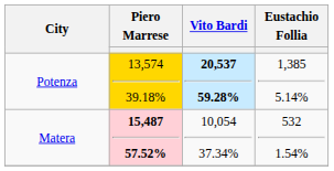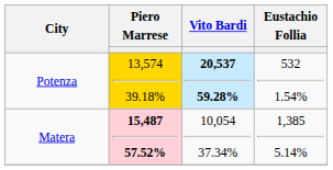 <table class="wikitable" style="text-align:center;font-size:90%;line-height:20px">
 <tr style="height:30px; background-color:#E9E9E9">
 <th style="width:110px;" rowspan="2">City</th>
 <th style="width:75px;">Piero Marrese</th>
 <th style="width:75px;"><a href='#'>Vito Bardi</a></th>
 <th style="width:75px;">Eustachio Follia</th>
 </tr>
 <tr>
 <th style="background:"></th>
 <th style="background:"></th>
 <th style="background:"></th>
 </tr>
 <tr>
 <td><a href='#'>Potenza</a></td>
 <td style="background: gold;">13,574 <hr>39.18%</td>
 <td style="background:#C8EBFF"><strong>20,537 <hr>59.28%</strong></td>
-<td>1,385 <hr>5.14%</td>
+<td>532 <hr>1.54%</td>
 </tr>
 <tr>
 <td><a href='#'>Matera</a></td>
 <td style="background:#FFD0D7"><strong>15,487 <hr>57.52%</strong></td>
 <td>10,054 <hr>37.34%</td>
-<td>532 <hr>1.54%</td>
+<td>1,385 <hr>5.14%</td>
 </tr>
 <tr>
 </tr>
 </table>
